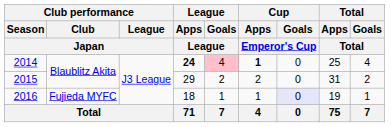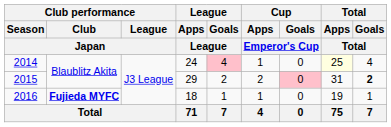 <table class="wikitable" style="text-align:center;">
 <tr>
 <th colspan=3>Club performance</th>
 <th colspan=2>League</th>
 <th colspan=2>Cup</th>
 <th colspan=2>Total</th>
 </tr>
 <tr>
 <th>Season</th>
 <th>Club</th>
 <th>League</th>
 <th>Apps</th>
 <th>Goals</th>
 <th>Apps</th>
 <th>Goals</th>
 <th>Apps</th>
 <th>Goals</th>
 </tr>
 <tr>
 <th colspan=3>Japan</th>
 <th colspan=2>League</th>
 <th colspan=2><a href='#'>Emperor's Cup</a></th>
 <th colspan=2>Total</th>
 </tr>
 <tr>
 <td><a href='#'>2014</a></td>
 <td rowspan=2><a href='#'>Blaublitz Akita</a></td>
 <td rowspan="3"><a href='#'>J3 League</a></td>
-<td><strong>24</strong></td>
+<td>24</td>
 <td style="background: pink;">4</td>
-<td><strong>1</strong></td>
+<td>1</td>
 <td>0</td>
-<td>25</td>
+<td style="background: lightyellow;">25</td>
 <td>4</td>
 </tr>
 <tr>
 <td><a href='#'>2015</a></td>
 <td>29</td>
 <td>2</td>
 <td>2</td>
-<td>0</td>
+<td style="background: pink;">0</td>
 <td>31</td>
-<td>2</td>
+<td><strong>2</strong></td>
 </tr>
 <tr>
 <td><a href='#'>2016</a></td>
-<td><a href='#'>Fujieda MYFC</a></td>
+<td><strong><a href='#'>Fujieda MYFC</a></strong></td>
 <td>18</td>
 <td>1</td>
 <td>1</td>
-<td style="background: lavender;">0</td>
+<td>0</td>
 <td>19</td>
 <td>1</td>
 </tr>
 <tr>
 <th colspan=3>Total</th>
 <th>71</th>
 <th>7</th>
 <th>4</th>
 <th>0</th>
 <th>75</th>
 <th>7</th>
 </tr>
 </table>
